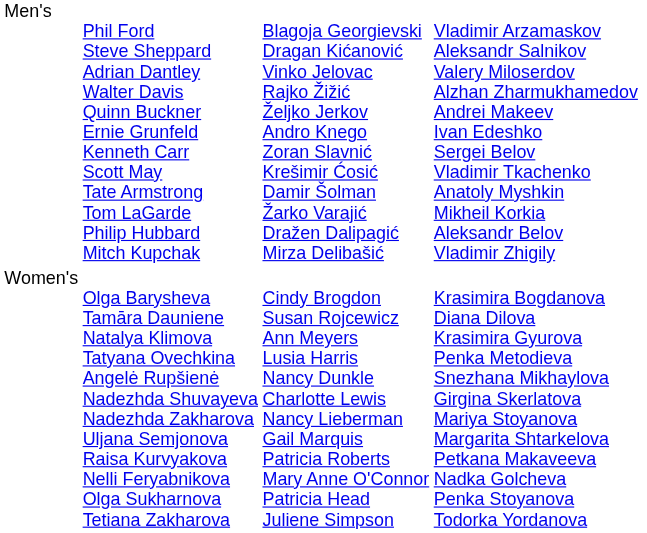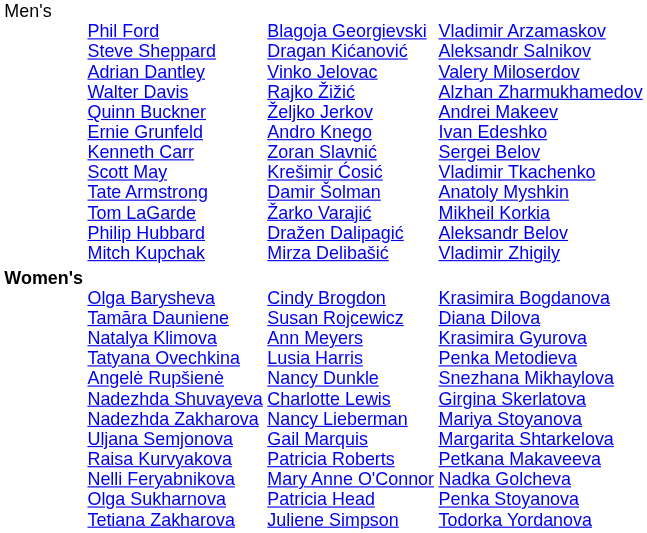 <table>
 <tr valign=top>
 <td>Men's</td>
 <td><br><a href='#'>Phil Ford</a><br><a href='#'>Steve Sheppard</a><br><a href='#'>Adrian Dantley</a><br><a href='#'>Walter Davis</a><br><a href='#'>Quinn Buckner</a><br><a href='#'>Ernie Grunfeld</a><br><a href='#'>Kenneth Carr</a><br><a href='#'>Scott May</a><br><a href='#'>Tate Armstrong</a><br><a href='#'>Tom LaGarde</a><br><a href='#'>Philip Hubbard</a><br><a href='#'>Mitch Kupchak</a></td>
 <td><br><a href='#'>Blagoja Georgievski</a><br><a href='#'>Dragan Kićanović</a><br><a href='#'>Vinko Jelovac</a><br><a href='#'>Rajko Žižić</a><br><a href='#'>Željko Jerkov</a><br><a href='#'>Andro Knego</a><br><a href='#'>Zoran Slavnić</a><br><a href='#'>Krešimir Ćosić</a><br><a href='#'>Damir Šolman</a><br><a href='#'>Žarko Varajić</a><br><a href='#'>Dražen Dalipagić</a><br><a href='#'>Mirza Delibašić</a></td>
 <td><br><a href='#'>Vladimir Arzamaskov</a><br><a href='#'>Aleksandr Salnikov</a><br><a href='#'>Valery Miloserdov</a><br><a href='#'>Alzhan Zharmukhamedov</a><br><a href='#'>Andrei Makeev</a><br><a href='#'>Ivan Edeshko</a><br><a href='#'>Sergei Belov</a><br><a href='#'>Vladimir Tkachenko</a><br><a href='#'>Anatoly Myshkin</a><br><a href='#'>Mikheil Korkia</a><br><a href='#'>Aleksandr Belov</a><br><a href='#'>Vladimir Zhigily</a></td>
 </tr>
 <tr valign=top>
-<td>Women's</td>
+<td><strong>Women's</strong></td>
 <td><br><a href='#'>Olga Barysheva</a><br><a href='#'>Tamāra Dauniene</a><br><a href='#'>Natalya Klimova</a><br><a href='#'>Tatyana Ovechkina</a><br><a href='#'>Angelė Rupšienė</a><br><a href='#'>Nadezhda Shuvayeva</a><br><a href='#'>Nadezhda Zakharova</a><br><a href='#'>Uljana Semjonova</a><br><a href='#'>Raisa Kurvyakova</a><br><a href='#'>Nelli Feryabnikova</a><br><a href='#'>Olga Sukharnova</a><br><a href='#'>Tetiana Zakharova</a></td>
 <td><br><a href='#'>Cindy Brogdon</a><br><a href='#'>Susan Rojcewicz</a><br><a href='#'>Ann Meyers</a><br><a href='#'>Lusia Harris</a><br><a href='#'>Nancy Dunkle</a><br><a href='#'>Charlotte Lewis</a><br><a href='#'>Nancy Lieberman</a><br><a href='#'>Gail Marquis</a><br><a href='#'>Patricia Roberts</a><br><a href='#'>Mary Anne O'Connor</a><br><a href='#'>Patricia Head</a><br><a href='#'>Juliene Simpson</a></td>
 <td><br><a href='#'>Krasimira Bogdanova</a><br><a href='#'>Diana Dilova</a><br><a href='#'>Krasimira Gyurova</a><br><a href='#'>Penka Metodieva</a><br><a href='#'>Snezhana Mikhaylova</a><br><a href='#'>Girgina Skerlatova</a><br><a href='#'>Mariya Stoyanova</a><br><a href='#'>Margarita Shtarkelova</a><br><a href='#'>Petkana Makaveeva</a><br><a href='#'>Nadka Golcheva</a><br><a href='#'>Penka Stoyanova</a><br><a href='#'>Todorka Yordanova</a></td>
 </tr>
 </table>
